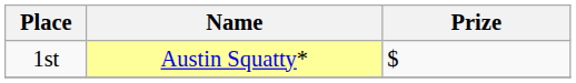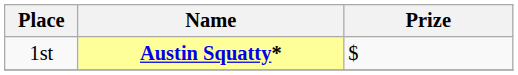 <table class="wikitable">
 <tr>
 <th width="50">Place</th>
 <th width="200">Name</th>
 <th width="125">Prize</th>
 </tr>
 <tr>
 <td align = "center">1st</td>
-<td align = "center" bgcolor="#FFFF99"><a href='#'>Austin Squatty</a>*</td>
+<td align = "center" bgcolor="#FFFF99"><strong><a href='#'>Austin Squatty</a>*</strong></td>
 <td>$</td>
 </tr>
 <tr>
 </tr>
 </table>
